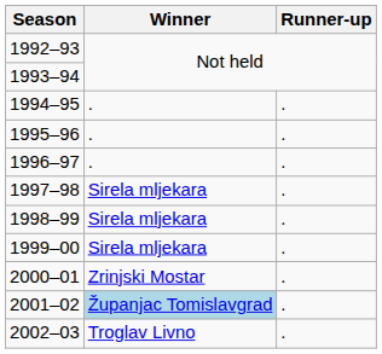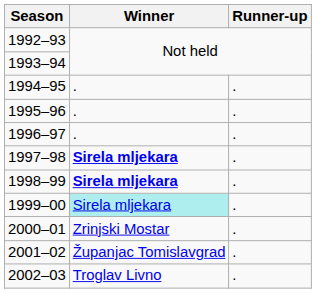 <table class="wikitable">
 <tr>
 <th>Season</th>
 <th>Winner</th>
 <th>Runner-up</th>
 </tr>
 <tr>
 <td>1992–93</td>
 <td colspan=2 rowspan=2 align=center>Not held</td>
 </tr>
 <tr>
 <td>1993–94</td>
 </tr>
 <tr>
 <td>1994–95</td>
 <td>.</td>
 <td>.</td>
 </tr>
 <tr>
 <td>1995–96</td>
 <td>.</td>
 <td>.</td>
 </tr>
 <tr>
 <td>1996–97</td>
 <td>.</td>
 <td>.</td>
 </tr>
 <tr>
 <td>1997–98</td>
-<td><a href='#'>Sirela mljekara</a></td>
+<td><strong><a href='#'>Sirela mljekara</a></strong></td>
 <td>.</td>
 </tr>
 <tr>
 <td>1998–99</td>
-<td><a href='#'>Sirela mljekara</a></td>
+<td><strong><a href='#'>Sirela mljekara</a></strong></td>
 <td>.</td>
 </tr>
 <tr>
 <td>1999–00</td>
-<td><a href='#'>Sirela mljekara</a></td>
+<td style="background: paleturquoise;"><a href='#'>Sirela mljekara</a></td>
 <td>.</td>
 </tr>
 <tr>
 <td>2000–01</td>
 <td><a href='#'>Zrinjski Mostar</a></td>
 <td>.</td>
 </tr>
 <tr>
 <td>2001–02</td>
-<td style="background: lightblue;"><a href='#'>Županjac Tomislavgrad</a></td>
+<td><a href='#'>Županjac Tomislavgrad</a></td>
 <td>.</td>
 </tr>
 <tr>
 <td>2002–03</td>
 <td><a href='#'>Troglav Livno</a></td>
 <td>.</td>
 </tr>
 </table>
